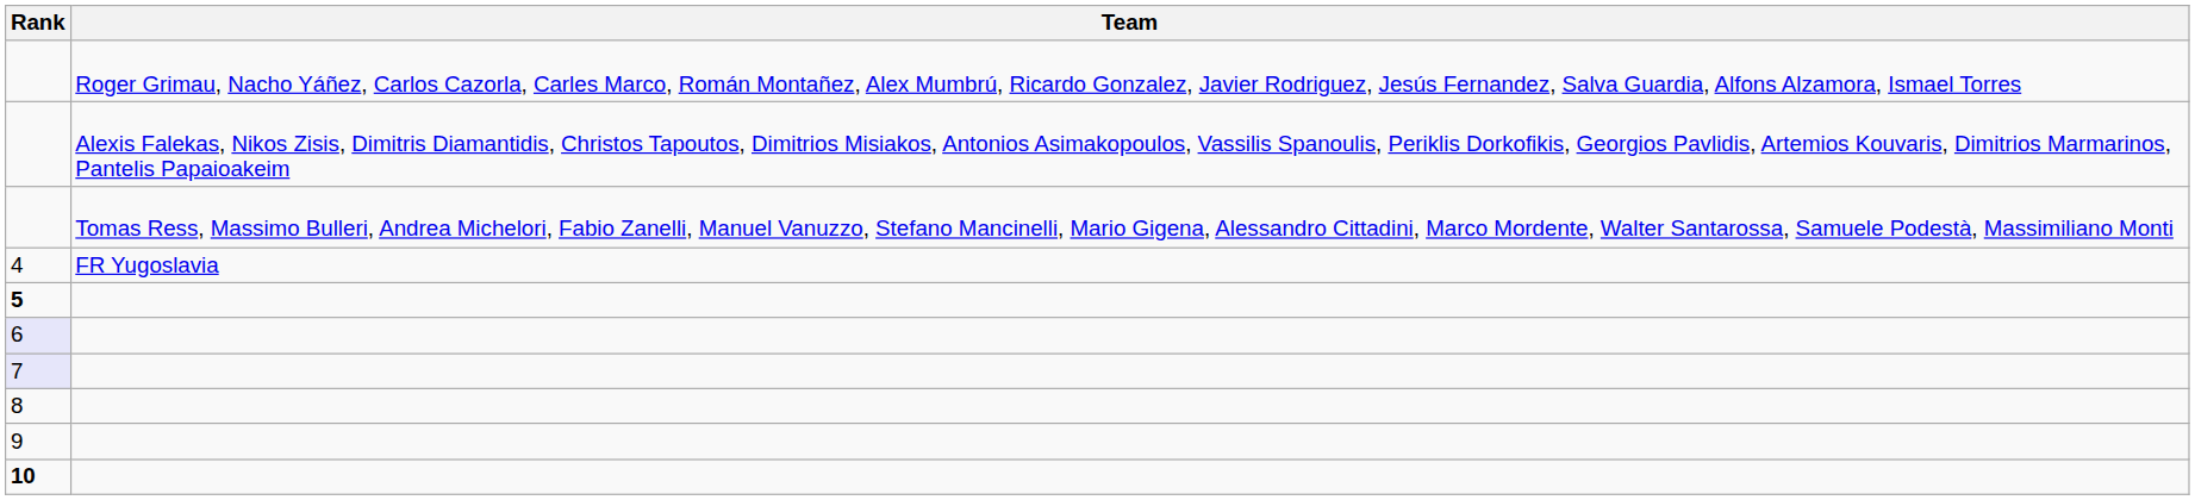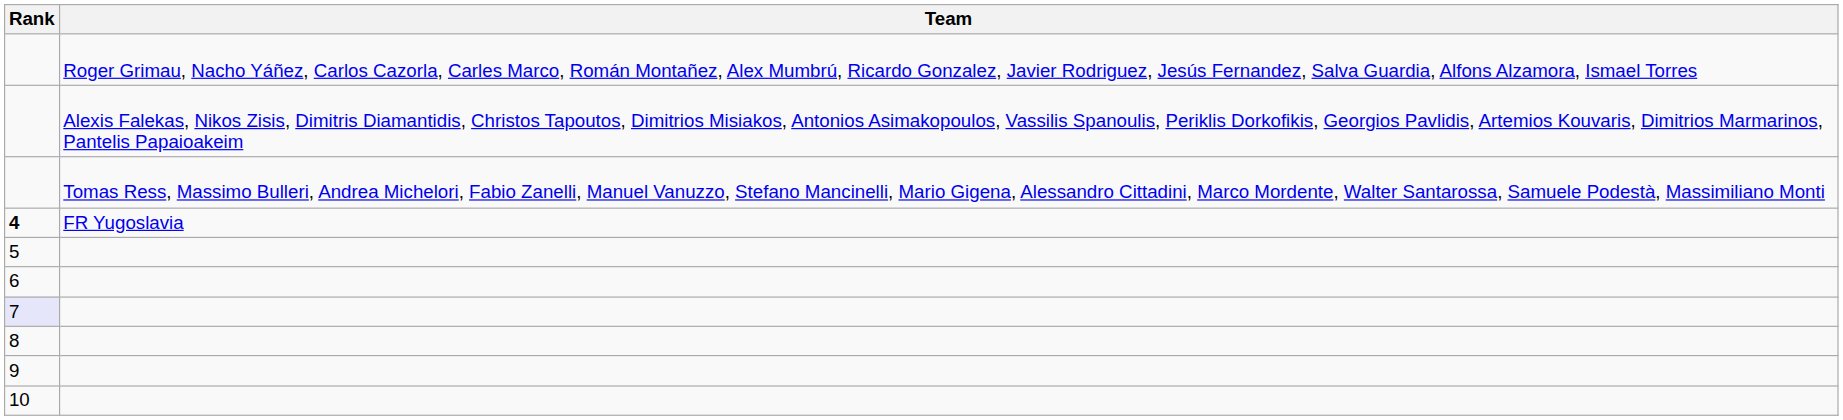 <table class="wikitable" border="1">
 <tr>
 <th>Rank</th>
 <th>Team</th>
 </tr>
 <tr>
 <td></td>
 <td><br><a href='#'>Roger Grimau</a>, <a href='#'>Nacho Yáñez</a>, <a href='#'>Carlos Cazorla</a>, <a href='#'>Carles Marco</a>, <a href='#'>Román Montañez</a>, <a href='#'>Alex Mumbrú</a>, <a href='#'>Ricardo Gonzalez</a>, <a href='#'>Javier Rodriguez</a>, <a href='#'>Jesús Fernandez</a>, <a href='#'>Salva Guardia</a>, <a href='#'>Alfons Alzamora</a>, <a href='#'>Ismael Torres</a></td>
 </tr>
 <tr>
 <td></td>
 <td><br><a href='#'>Alexis Falekas</a>, <a href='#'>Nikos Zisis</a>, <a href='#'>Dimitris Diamantidis</a>, <a href='#'>Christos Tapoutos</a>, <a href='#'>Dimitrios Misiakos</a>, <a href='#'>Antonios Asimakopoulos</a>, <a href='#'>Vassilis Spanoulis</a>, <a href='#'>Periklis Dorkofikis</a>, <a href='#'>Georgios Pavlidis</a>, <a href='#'>Artemios Kouvaris</a>, <a href='#'>Dimitrios Marmarinos</a>, <a href='#'>Pantelis Papaioakeim</a></td>
 </tr>
 <tr>
 <td></td>
 <td><br><a href='#'>Tomas Ress</a>, <a href='#'>Massimo Bulleri</a>, <a href='#'>Andrea Michelori</a>, <a href='#'>Fabio Zanelli</a>, <a href='#'>Manuel Vanuzzo</a>, <a href='#'>Stefano Mancinelli</a>, <a href='#'>Mario Gigena</a>, <a href='#'>Alessandro Cittadini</a>, <a href='#'>Marco Mordente</a>, <a href='#'>Walter Santarossa</a>, <a href='#'>Samuele Podestà</a>, <a href='#'>Massimiliano Monti</a></td>
 </tr>
 <tr>
-<td>4</td>
+<td><strong>4</strong></td>
 <td> <a href='#'>FR Yugoslavia</a></td>
 </tr>
 <tr>
-<td><strong>5</strong></td>
+<td>5</td>
 <td></td>
 </tr>
 <tr>
-<td style="background: lavender;">6</td>
+<td>6</td>
 <td></td>
 </tr>
 <tr>
 <td style="background: lavender;">7</td>
 <td></td>
 </tr>
 <tr>
 <td>8</td>
 <td></td>
 </tr>
 <tr>
 <td>9</td>
 <td></td>
 </tr>
 <tr>
-<td><strong>10</strong></td>
+<td>10</td>
 <td></td>
 </tr>
 </table>
